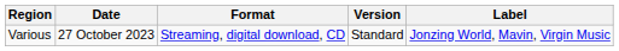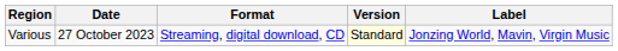 <table class="wikitable sortable">
 <tr>
 <th>Region</th>
 <th>Date</th>
 <th>Format</th>
 <th>Version</th>
 <th>Label</th>
 </tr>
 <tr>
 <td>Various</td>
 <td>27 October 2023</td>
 <td rowspan="2"><a href='#'>Streaming</a>, <a href='#'>digital download</a>, <a href='#'>CD</a></td>
-<td>Standard</td>
+<td style="background: lightyellow;">Standard</td>
 <td><a href='#'>Jonzing World</a>, <a href='#'>Mavin</a>, <a href='#'>Virgin Music</a></td>
 </tr>
 </table>
